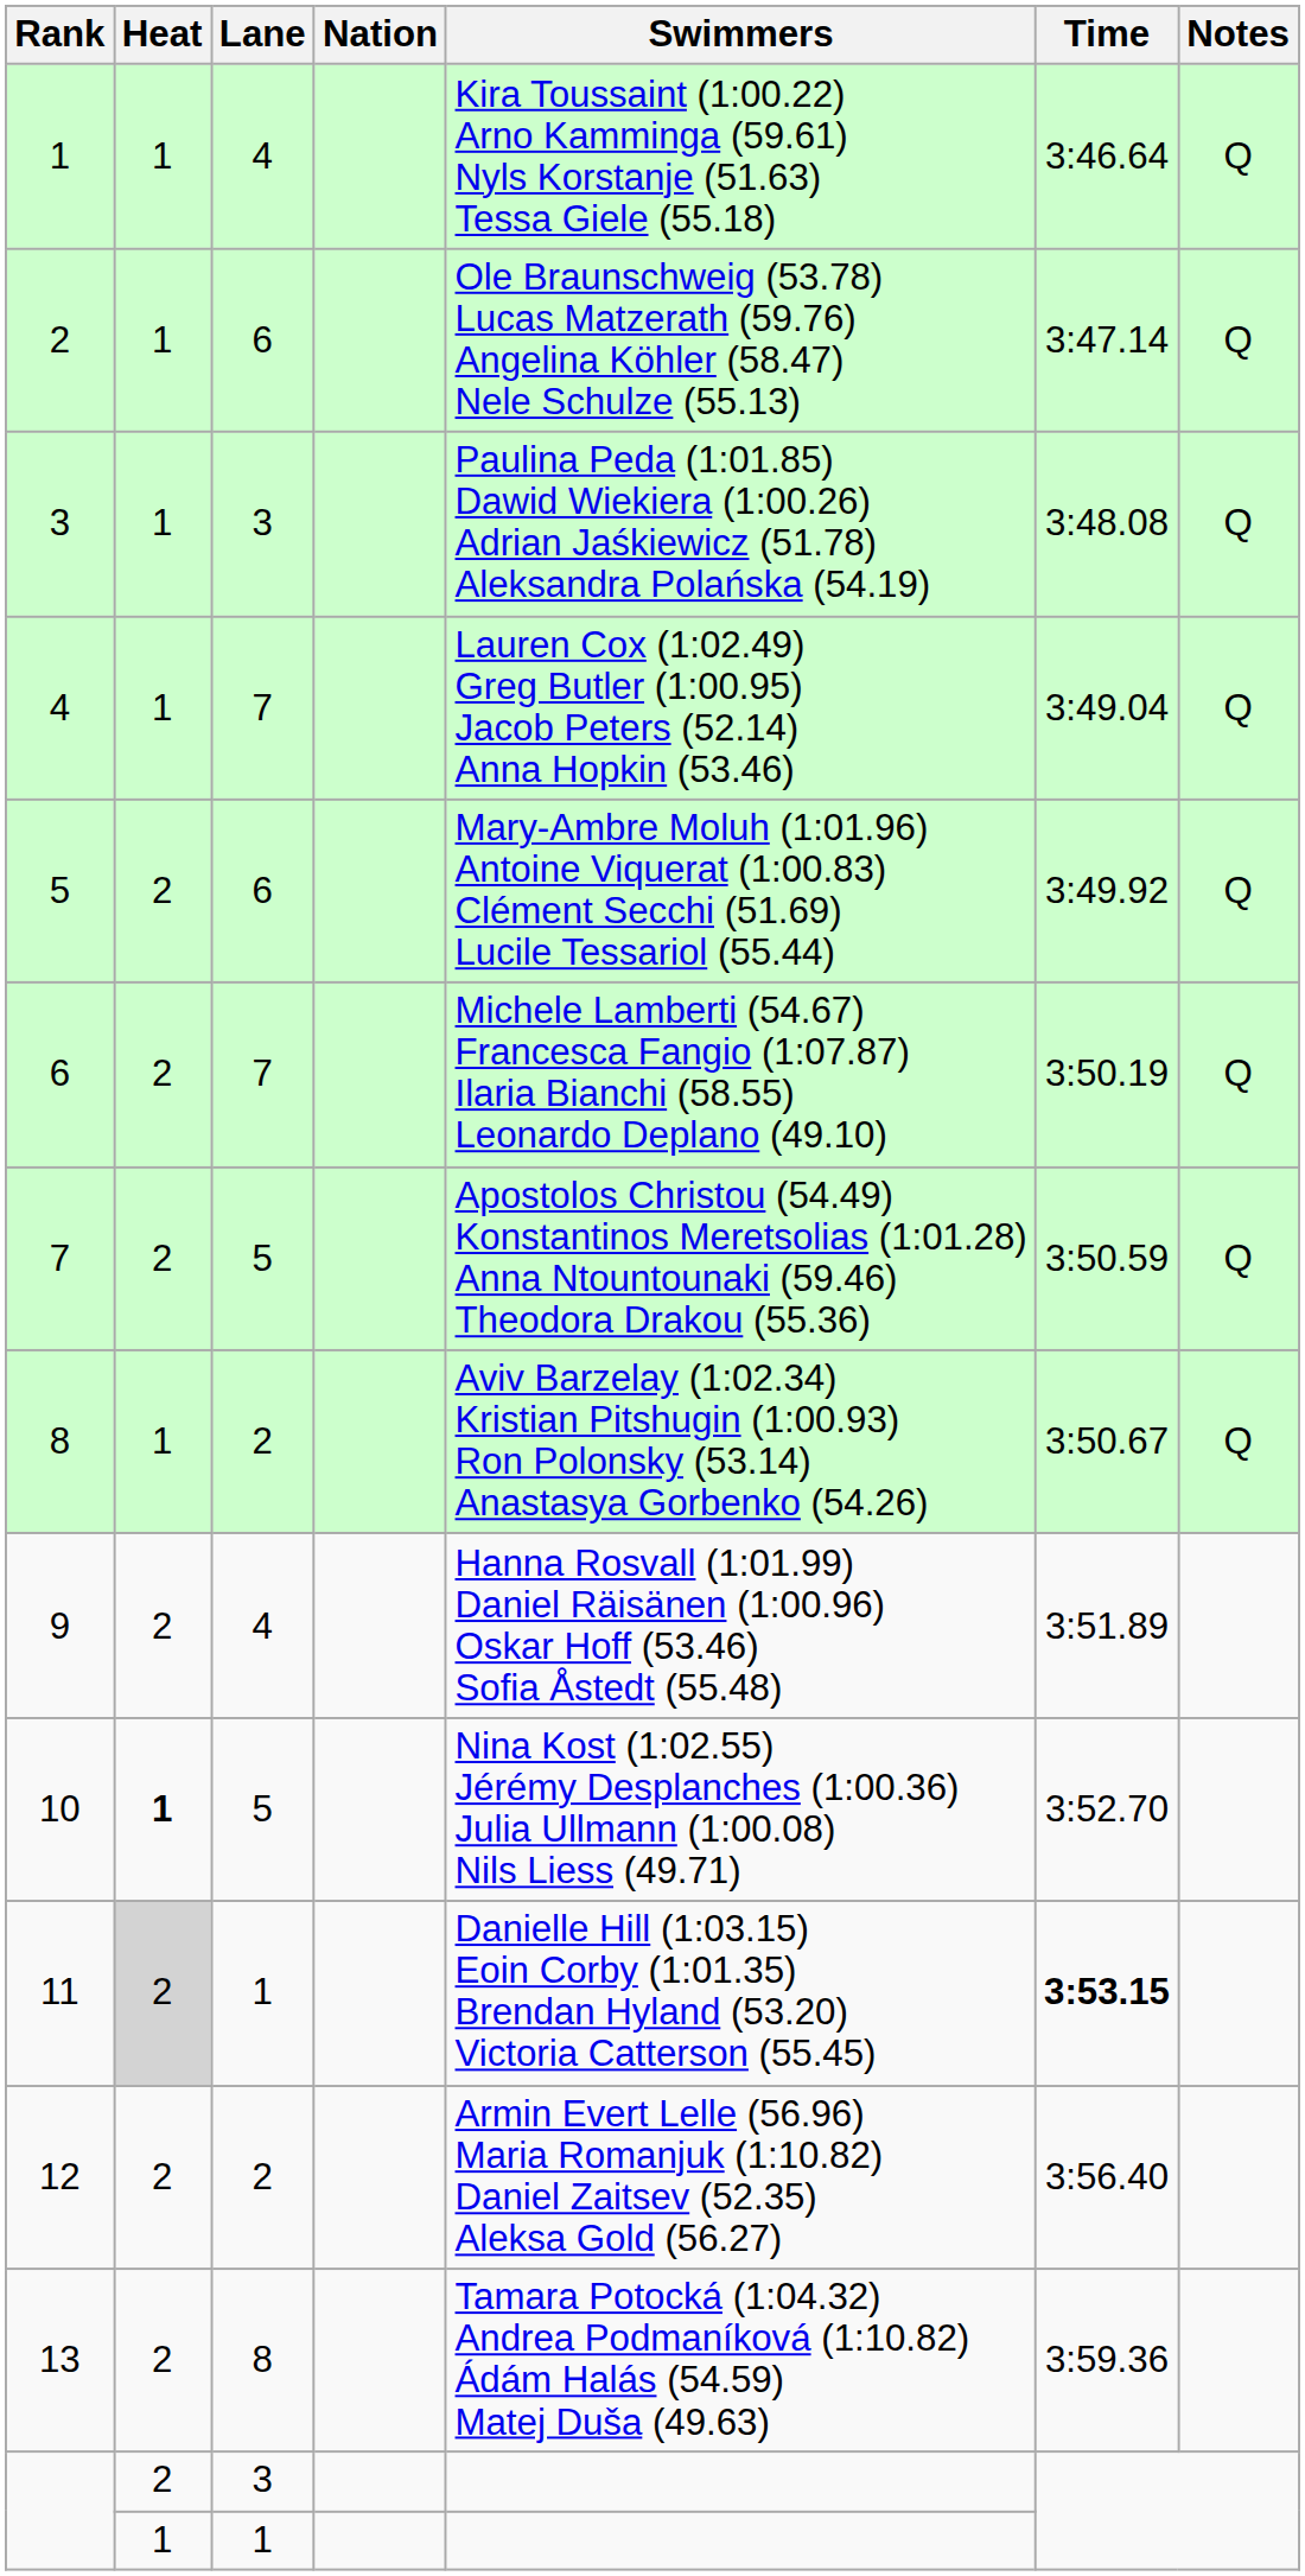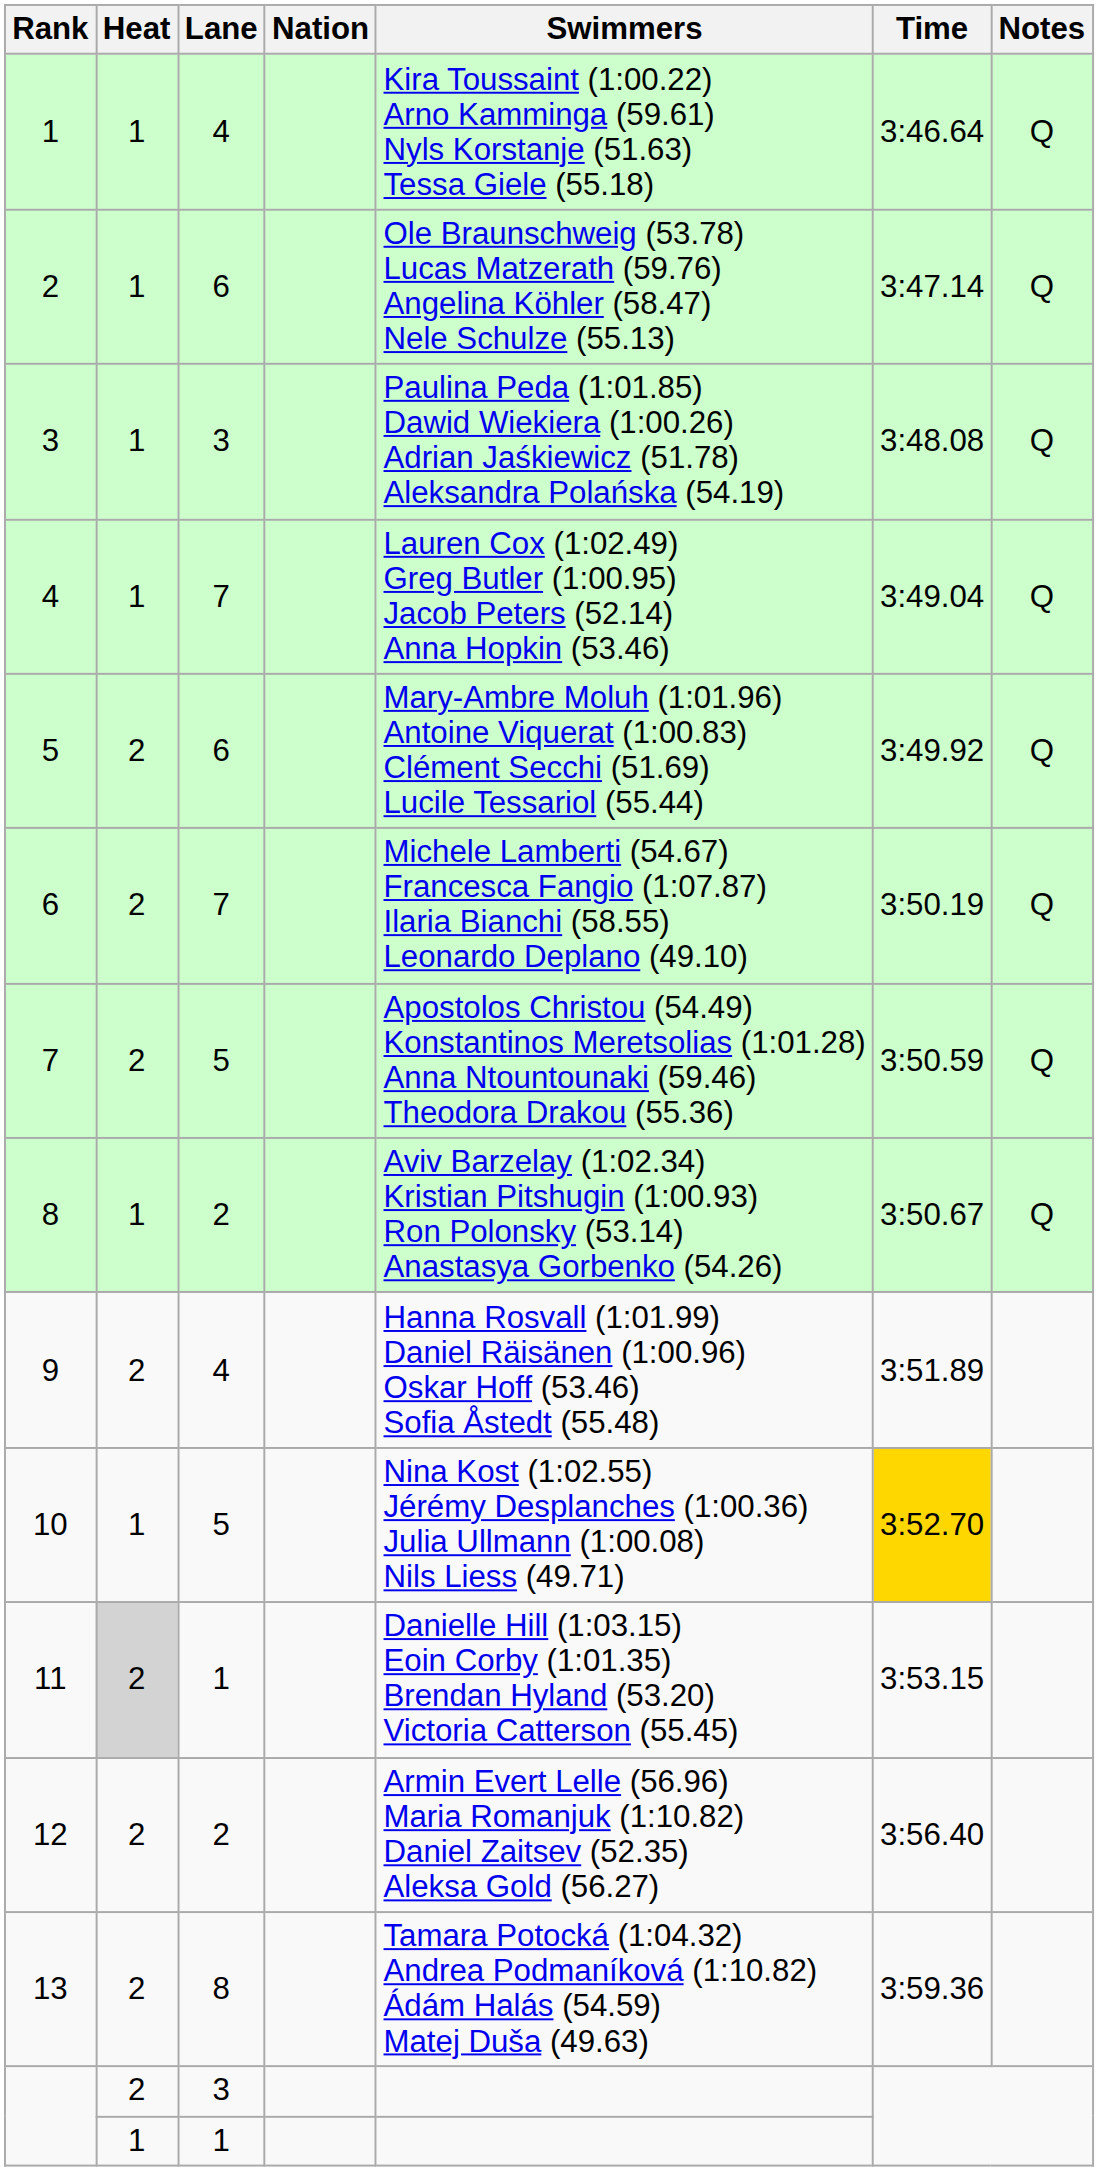 <table class="wikitable sortable" style="text-align:center">
 <tr>
 <th>Rank</th>
 <th>Heat</th>
 <th>Lane</th>
 <th>Nation</th>
 <th>Swimmers</th>
 <th>Time</th>
 <th>Notes</th>
 </tr>
 <tr bgcolor=ccffcc>
 <td>1</td>
 <td>1</td>
 <td>4</td>
 <td align=left></td>
 <td align=left><a href='#'>Kira Toussaint</a> (1:00.22)<br><a href='#'>Arno Kamminga</a> (59.61)<br><a href='#'>Nyls Korstanje</a> (51.63)<br><a href='#'>Tessa Giele</a> (55.18)</td>
 <td>3:46.64</td>
 <td>Q</td>
 </tr>
 <tr bgcolor=ccffcc>
 <td>2</td>
 <td>1</td>
 <td>6</td>
 <td align=left></td>
 <td align=left><a href='#'>Ole Braunschweig</a> (53.78)<br><a href='#'>Lucas Matzerath</a> (59.76)<br><a href='#'>Angelina Köhler</a> (58.47)<br><a href='#'>Nele Schulze</a> (55.13)</td>
 <td>3:47.14</td>
 <td>Q</td>
 </tr>
 <tr bgcolor=ccffcc>
 <td>3</td>
 <td>1</td>
 <td>3</td>
 <td align=left></td>
 <td align=left><a href='#'>Paulina Peda</a> (1:01.85)<br><a href='#'>Dawid Wiekiera</a> (1:00.26)<br><a href='#'>Adrian Jaśkiewicz</a> (51.78)<br><a href='#'>Aleksandra Polańska</a> (54.19)</td>
 <td>3:48.08</td>
 <td>Q</td>
 </tr>
 <tr bgcolor=ccffcc>
 <td>4</td>
 <td>1</td>
 <td>7</td>
 <td align=left></td>
 <td align=left><a href='#'>Lauren Cox</a> (1:02.49)<br><a href='#'>Greg Butler</a> (1:00.95)<br><a href='#'>Jacob Peters</a> (52.14)<br><a href='#'>Anna Hopkin</a> (53.46)</td>
 <td>3:49.04</td>
 <td>Q</td>
 </tr>
 <tr bgcolor=ccffcc>
 <td>5</td>
 <td>2</td>
 <td>6</td>
 <td align=left></td>
 <td align=left><a href='#'>Mary-Ambre Moluh</a> (1:01.96)<br><a href='#'>Antoine Viquerat</a> (1:00.83)<br><a href='#'>Clément Secchi</a> (51.69)<br><a href='#'>Lucile Tessariol</a> (55.44)</td>
 <td>3:49.92</td>
 <td>Q</td>
 </tr>
 <tr bgcolor=ccffcc>
 <td>6</td>
 <td>2</td>
 <td>7</td>
 <td align=left></td>
 <td align=left><a href='#'>Michele Lamberti</a> (54.67)<br><a href='#'>Francesca Fangio</a> (1:07.87)<br><a href='#'>Ilaria Bianchi</a> (58.55)<br><a href='#'>Leonardo Deplano</a> (49.10)</td>
 <td>3:50.19</td>
 <td>Q</td>
 </tr>
 <tr bgcolor=ccffcc>
 <td>7</td>
 <td>2</td>
 <td>5</td>
 <td align=left></td>
 <td align=left><a href='#'>Apostolos Christou</a> (54.49)<br><a href='#'>Konstantinos Meretsolias</a> (1:01.28)<br><a href='#'>Anna Ntountounaki</a> (59.46)<br><a href='#'>Theodora Drakou</a> (55.36)</td>
 <td>3:50.59</td>
 <td>Q</td>
 </tr>
 <tr bgcolor=ccffcc>
 <td>8</td>
 <td>1</td>
 <td>2</td>
 <td align=left></td>
 <td align=left><a href='#'>Aviv Barzelay</a> (1:02.34)<br><a href='#'>Kristian Pitshugin</a> (1:00.93)<br><a href='#'>Ron Polonsky</a> (53.14)<br><a href='#'>Anastasya Gorbenko</a> (54.26)</td>
 <td>3:50.67</td>
 <td>Q</td>
 </tr>
 <tr>
 <td>9</td>
 <td>2</td>
 <td>4</td>
 <td align=left></td>
 <td align=left><a href='#'>Hanna Rosvall</a> (1:01.99)<br><a href='#'>Daniel Räisänen</a> (1:00.96)<br><a href='#'>Oskar Hoff</a> (53.46)<br><a href='#'>Sofia Åstedt</a> (55.48)</td>
 <td>3:51.89</td>
 <td></td>
 </tr>
 <tr>
 <td>10</td>
-<td><strong>1</strong></td>
+<td>1</td>
 <td>5</td>
 <td align=left></td>
 <td align=left><a href='#'>Nina Kost</a> (1:02.55)<br><a href='#'>Jérémy Desplanches</a> (1:00.36)<br><a href='#'>Julia Ullmann</a> (1:00.08)<br><a href='#'>Nils Liess</a> (49.71)</td>
-<td>3:52.70</td>
+<td style="background: gold;">3:52.70</td>
 <td></td>
 </tr>
 <tr>
 <td>11</td>
 <td style="background: lightgrey;">2</td>
 <td>1</td>
 <td align=left></td>
 <td align=left><a href='#'>Danielle Hill</a> (1:03.15)<br><a href='#'>Eoin Corby</a> (1:01.35)<br><a href='#'>Brendan Hyland</a> (53.20)<br><a href='#'>Victoria Catterson</a> (55.45)</td>
-<td><strong>3:53.15</strong></td>
+<td>3:53.15</td>
 <td></td>
 </tr>
 <tr>
 <td>12</td>
 <td>2</td>
 <td>2</td>
 <td align=left></td>
 <td align=left><a href='#'>Armin Evert Lelle</a> (56.96)<br><a href='#'>Maria Romanjuk</a> (1:10.82)<br><a href='#'>Daniel Zaitsev</a> (52.35)<br><a href='#'>Aleksa Gold</a> (56.27)</td>
 <td>3:56.40</td>
 <td></td>
 </tr>
 <tr>
 <td>13</td>
 <td>2</td>
 <td>8</td>
 <td align=left></td>
 <td align=left><a href='#'>Tamara Potocká</a> (1:04.32)<br><a href='#'>Andrea Podmaníková</a> (1:10.82)<br><a href='#'>Ádám Halás</a> (54.59)<br><a href='#'>Matej Duša</a> (49.63)</td>
 <td>3:59.36</td>
 <td></td>
 </tr>
 <tr>
 <td rowspan=2></td>
 <td>2</td>
 <td>3</td>
 <td align=left></td>
 <td align=left></td>
 <td colspan=2 rowspan=2></td>
 </tr>
 <tr>
 <td>1</td>
 <td>1</td>
 <td align=left></td>
 <td align=left></td>
 </tr>
 </table>
